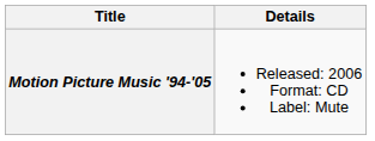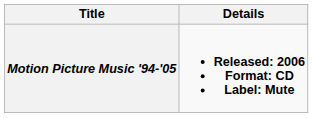 <table class="wikitable plainrowheaders" style="text-align:center;" border="1">
 <tr>
 <th>Title</th>
 <th>Details</th>
 </tr>
 <tr>
 <th scope="row"><em>Motion Picture Music '94-'05</em></th>
-<td><br><ul><li>Released: 2006</li><li>Format: CD</li><li>Label: Mute</li></ul></td>
+<td><strong><br><ul><li>Released: 2006</li><li>Format: CD</li><li>Label: Mute</li></ul></strong></td>
 </tr>
 </table>
